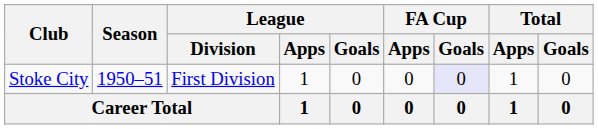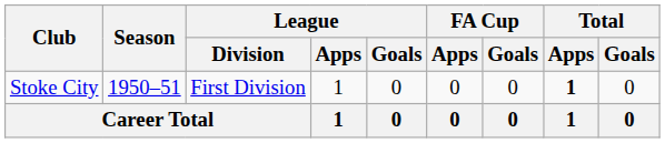 <table class="wikitable" style="text-align: center;">
 <tr>
 <th rowspan="2">Club</th>
 <th rowspan="2">Season</th>
 <th colspan="3">League</th>
 <th colspan="2">FA Cup</th>
 <th colspan="2">Total</th>
 </tr>
 <tr>
 <th>Division</th>
 <th>Apps</th>
 <th>Goals</th>
 <th>Apps</th>
 <th>Goals</th>
 <th>Apps</th>
 <th>Goals</th>
 </tr>
 <tr>
 <td><a href='#'>Stoke City</a></td>
 <td><a href='#'>1950–51</a></td>
 <td><a href='#'>First Division</a></td>
 <td>1</td>
 <td>0</td>
 <td>0</td>
-<td style="background: lavender;">0</td>
-<td>1</td>
+<td>0</td>
+<td><strong>1</strong></td>
 <td>0</td>
 </tr>
 <tr>
 <th colspan="3">Career Total</th>
 <th>1</th>
 <th>0</th>
 <th>0</th>
 <th>0</th>
 <th>1</th>
 <th>0</th>
 </tr>
 </table>
